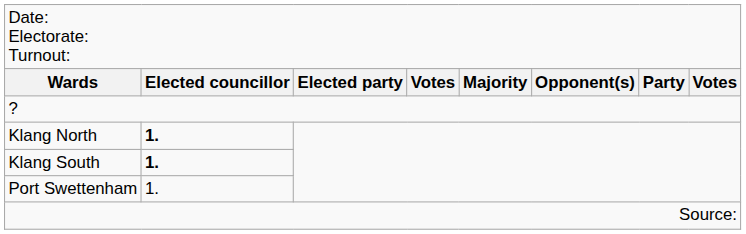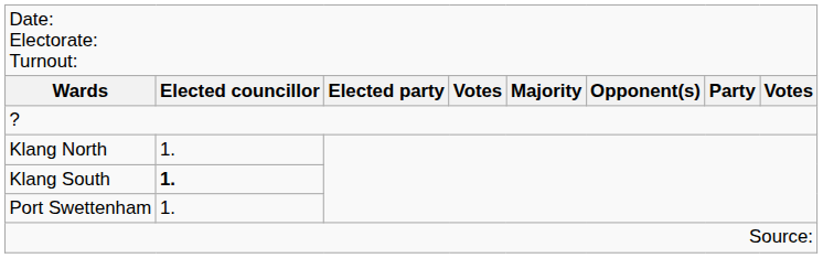 <table class=wikitable>
 <tr>
 <td colspan=8>Date: <br>Electorate: <br>Turnout:</td>
 </tr>
 <tr>
 <th>Wards</th>
 <th>Elected councillor</th>
 <th>Elected party</th>
 <th>Votes</th>
 <th>Majority</th>
 <th>Opponent(s)</th>
 <th>Party</th>
 <th>Votes</th>
 </tr>
 <tr>
 <td colspan=8>? </td>
 </tr>
 <tr>
 <td>Klang North</td>
-<td><strong>1.</strong></td>
+<td>1.</td>
 </tr>
 <tr>
 <td>Klang South</td>
 <td><strong>1.</strong></td>
 </tr>
 <tr>
 <td>Port Swettenham</td>
 <td>1.</td>
 </tr>
 <tr>
 <td colspan=8 align=right>Source: </td>
 </tr>
 </table>
